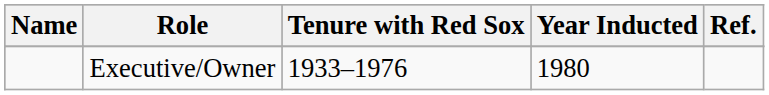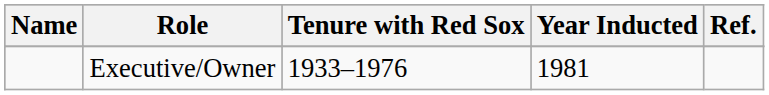 <table class="wikitable sortable">
 <tr>
 <th>Name</th>
 <th>Role</th>
 <th>Tenure with Red Sox</th>
 <th>Year Inducted</th>
 <th class="unsortable">Ref.</th>
 </tr>
 <tr>
 </tr>
 <tr>
 <td><strong></strong></td>
 <td>Executive/Owner</td>
 <td>1933–1976</td>
-<td>1980</td>
+<td>1981</td>
 <td></td>
 </tr>
 </table>
